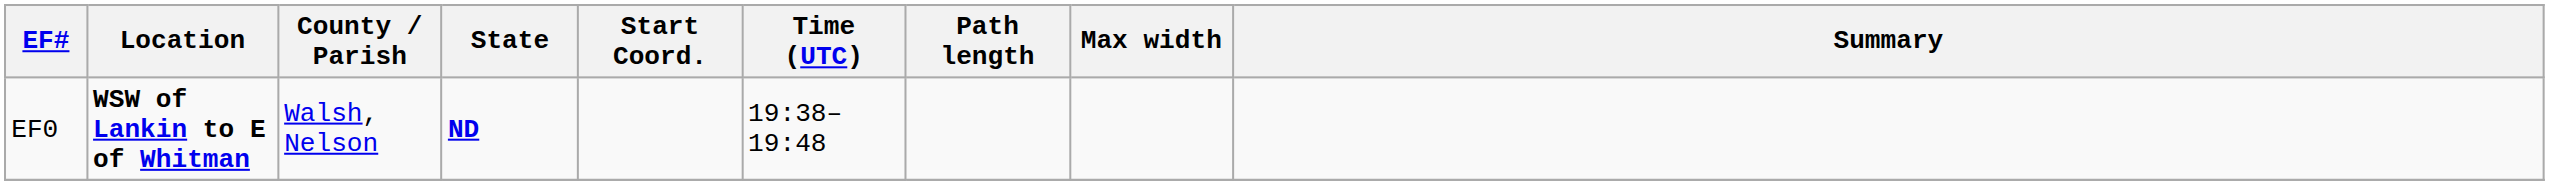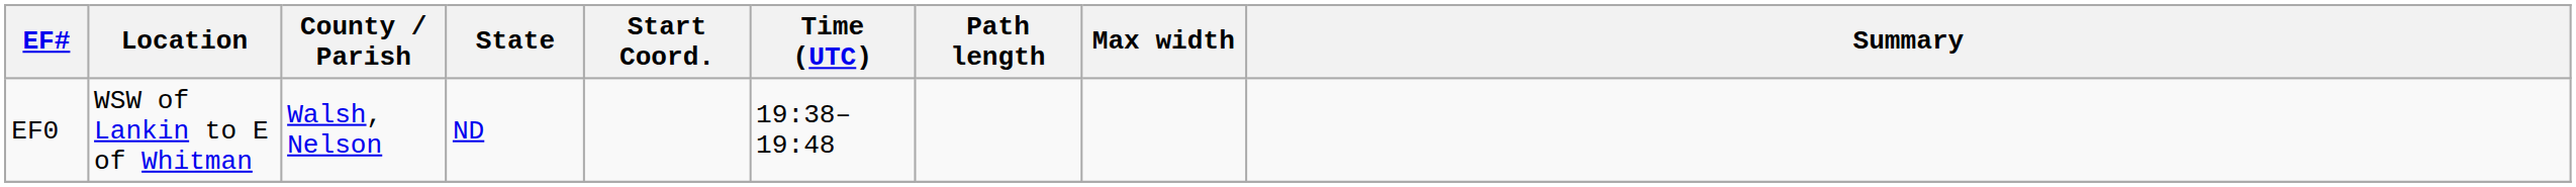 <table class="wikitable sortable" style="width:100%;">
 <tr>
 <th scope="col"  style="width:3%; text-align:center;"><a href='#'>EF#</a></th>
 <th scope="col"  style="width:7%; text-align:center;" class="unsortable">Location</th>
 <th scope="col"  style="width:6%; text-align:center;" class="unsortable">County / Parish</th>
 <th scope="col"  style="width:5%; text-align:center;">State</th>
 <th scope="col"  style="width:6%; text-align:center;">Start Coord.</th>
 <th scope="col"  style="width:6%; text-align:center;">Time (<a href='#'>UTC</a>)</th>
 <th scope="col"  style="width:6%; text-align:center;">Path length</th>
 <th scope="col"  style="width:6%; text-align:center;">Max width</th>
 <th scope="col" class="unsortable" style="width:48%; text-align:center;">Summary</th>
 </tr>
 <tr>
 <td>EF0</td>
-<td><strong>WSW of <a href='#'>Lankin</a> to E of <a href='#'>Whitman</a></strong></td>
+<td>WSW of <a href='#'>Lankin</a> to E of <a href='#'>Whitman</a></td>
 <td><a href='#'>Walsh</a>, <a href='#'>Nelson</a></td>
-<td><strong><a href='#'>ND</a></strong></td>
+<td><a href='#'>ND</a></td>
 <td></td>
 <td>19:38–19:48</td>
 <td></td>
 <td></td>
 <td></td>
 </tr>
 <tr>
 </tr>
 </table>
